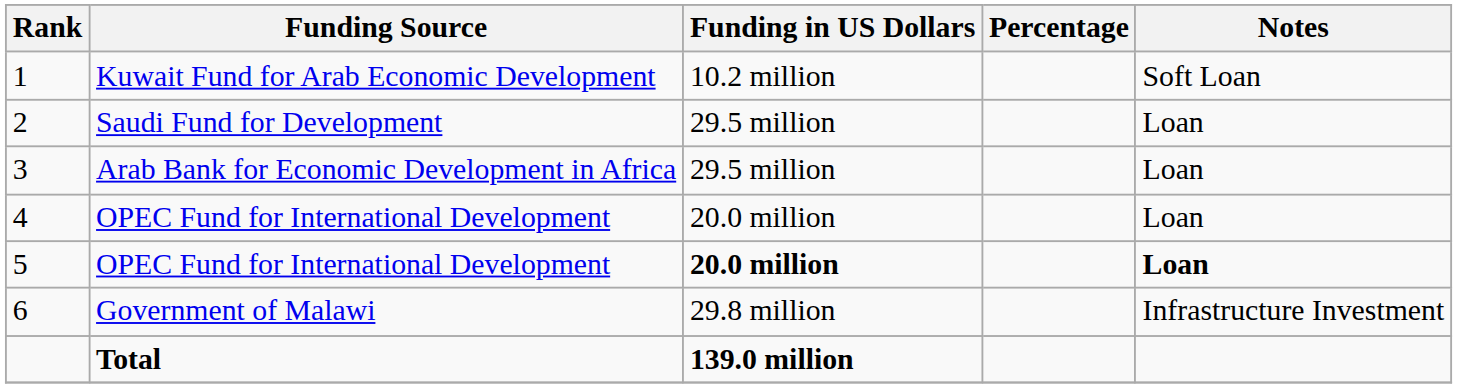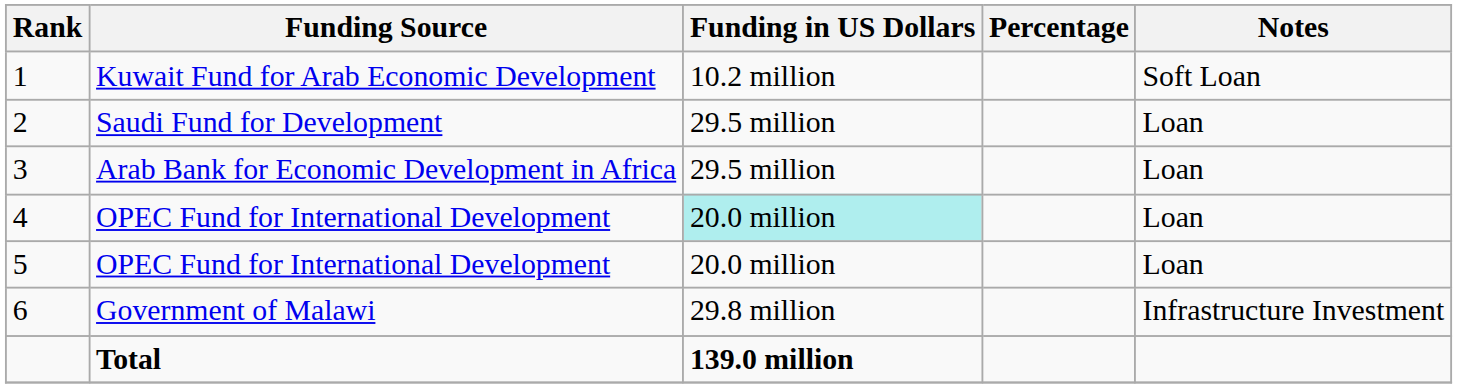 <table class="wikitable sortable" style="margin: 0.5em auto">
 <tr>
 <th>Rank</th>
 <th>Funding Source</th>
 <th>Funding in US Dollars</th>
 <th>Percentage</th>
 <th>Notes</th>
 </tr>
 <tr>
 <td>1</td>
 <td><a href='#'>Kuwait Fund for Arab Economic Development</a></td>
 <td>10.2 million</td>
 <td></td>
 <td>Soft Loan</td>
 </tr>
 <tr>
 <td>2</td>
 <td><a href='#'>Saudi Fund for Development</a></td>
 <td>29.5 million</td>
 <td></td>
 <td>Loan</td>
 </tr>
 <tr>
 <td>3</td>
 <td><a href='#'>Arab Bank for Economic Development in Africa</a></td>
 <td>29.5 million</td>
 <td></td>
 <td>Loan</td>
 </tr>
 <tr>
 <td>4</td>
 <td><a href='#'>OPEC Fund for International Development</a></td>
-<td>20.0 million</td>
+<td style="background: paleturquoise;">20.0 million</td>
 <td></td>
 <td>Loan</td>
 </tr>
 <tr>
 <td>5</td>
 <td><a href='#'>OPEC Fund for International Development</a></td>
-<td><strong>20.0 million</strong></td>
+<td>20.0 million</td>
 <td></td>
-<td><strong>Loan</strong></td>
+<td>Loan</td>
 </tr>
 <tr>
 <td>6</td>
 <td><a href='#'>Government of Malawi</a></td>
 <td>29.8 million</td>
 <td></td>
 <td>Infrastructure Investment</td>
 </tr>
 <tr>
 <td></td>
 <td><strong>Total</strong></td>
 <td><strong>139.0 million</strong></td>
 <td></td>
 <td></td>
 </tr>
 <tr>
 </tr>
 </table>
